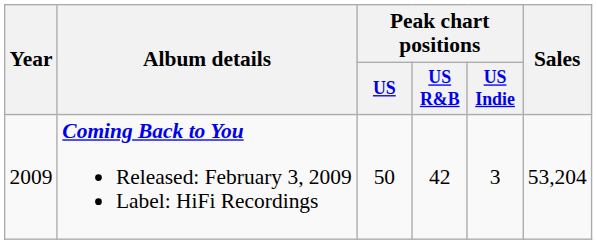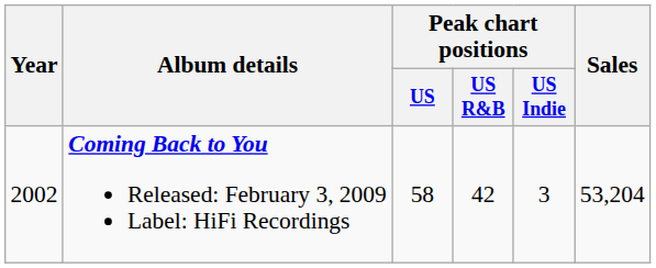 <table class="wikitable" style="text-align:center;">
 <tr>
 <th rowspan="2">Year</th>
 <th rowspan="2">Album details</th>
 <th colspan="3">Peak chart positions</th>
 <th rowspan="2">Sales</th>
 </tr>
 <tr style="font-size:smaller;">
 <th style="width:35px;"><a href='#'>US</a><br></th>
 <th style="width:35px;"><a href='#'>US R&B</a><br></th>
 <th style="width:35px;"><a href='#'>US Indie</a><br></th>
 </tr>
 <tr>
-<td>2009</td>
+<td>2002</td>
 <td style="text-align:left;"><strong><em><a href='#'>Coming Back to You</a></em></strong><br><ul><li>Released: February 3, 2009</li><li>Label: HiFi Recordings</li></ul></td>
-<td>50</td>
+<td>58</td>
 <td>42</td>
 <td>3</td>
 <td>53,204</td>
 </tr>
 </table>
